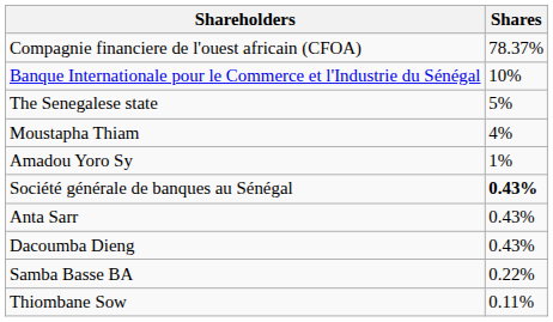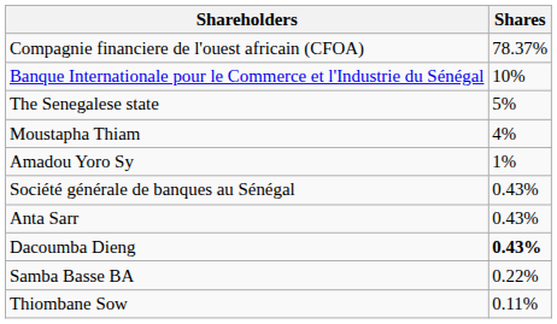 <table class="wikitable">
 <tr>
 <th>Shareholders</th>
 <th>Shares</th>
 </tr>
 <tr>
 <td>Compagnie financiere de l'ouest africain (CFOA)</td>
 <td>78.37%</td>
 </tr>
 <tr>
 <td><a href='#'>Banque Internationale pour le Commerce et l'Industrie du Sénégal</a></td>
 <td>10%</td>
 </tr>
 <tr>
 <td>The Senegalese state</td>
 <td>5%</td>
 </tr>
 <tr>
 <td>Moustapha Thiam</td>
 <td>4%</td>
 </tr>
 <tr>
 <td>Amadou Yoro Sy</td>
 <td>1%</td>
 </tr>
 <tr>
 <td>Société générale de banques au Sénégal</td>
-<td><strong>0.43%</strong></td>
+<td>0.43%</td>
 </tr>
 <tr>
 <td>Anta Sarr</td>
 <td>0.43%</td>
 </tr>
 <tr>
 <td>Dacoumba Dieng</td>
-<td>0.43%</td>
+<td><strong>0.43%</strong></td>
 </tr>
 <tr>
 <td>Samba Basse BA</td>
 <td>0.22%</td>
 </tr>
 <tr>
 <td>Thiombane Sow</td>
 <td>0.11%</td>
 </tr>
 </table>
